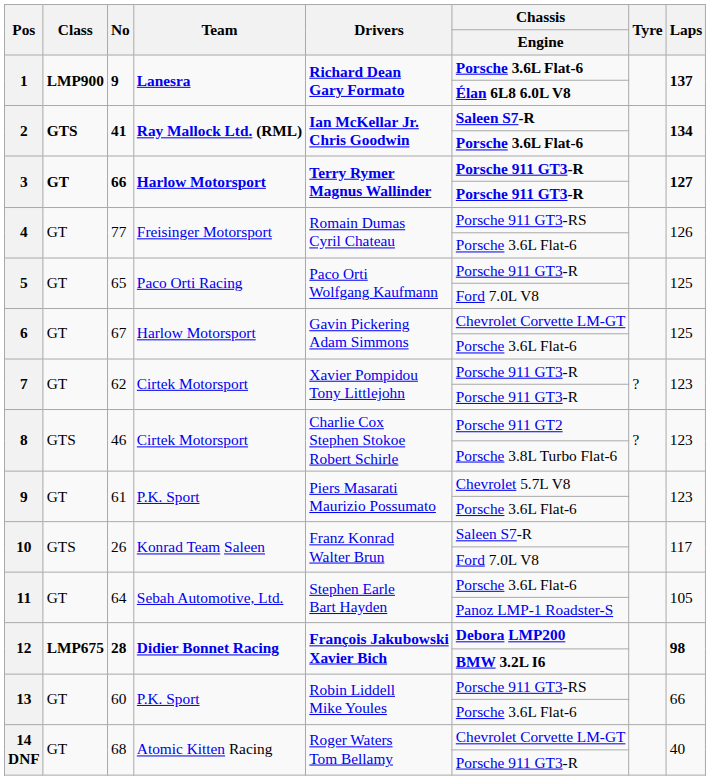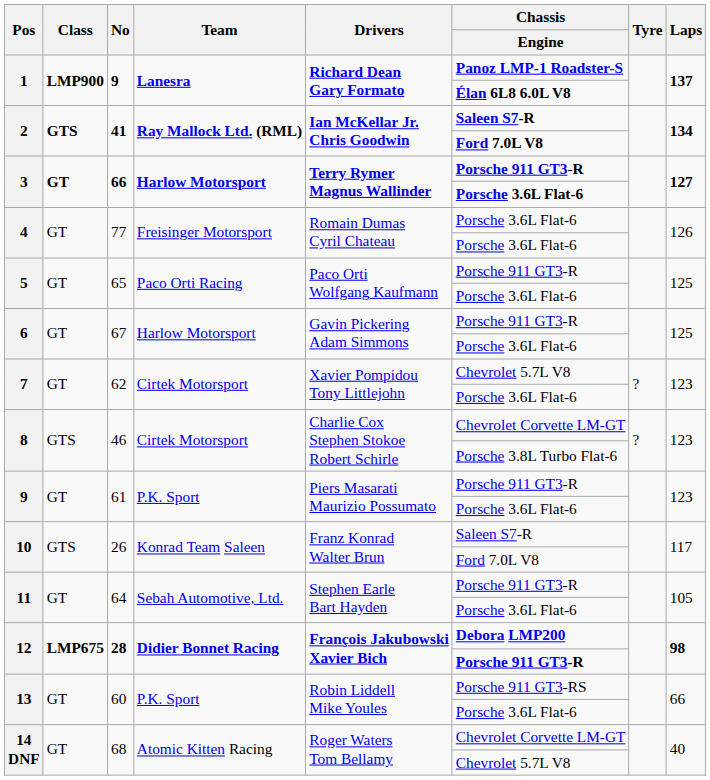 <table class="wikitable" style="font-size: 95%;">
 <tr>
 <th rowspan=2>Pos</th>
 <th rowspan=2>Class</th>
 <th rowspan=2>No</th>
 <th rowspan=2>Team</th>
 <th rowspan=2>Drivers</th>
 <th>Chassis</th>
 <th rowspan=2>Tyre</th>
 <th rowspan=2>Laps</th>
 </tr>
 <tr>
 <th>Engine</th>
 </tr>
 <tr style="font-weight:bold">
 <th rowspan=2>1</th>
 <td rowspan=2>LMP900</td>
 <td rowspan=2>9</td>
 <td rowspan=2> <a href='#'>Lanesra</a></td>
 <td rowspan=2> <a href='#'>Richard Dean</a><br> <a href='#'>Gary Formato</a></td>
-<td><a href='#'>Porsche</a> 3.6L Flat-6</td>
+<td><a href='#'>Panoz LMP-1 Roadster-S</a></td>
 <td rowspan=2></td>
 <td rowspan=2>137</td>
 </tr>
 <tr style="font-weight:bold">
 <td><a href='#'>Élan</a> 6L8 6.0L V8</td>
 </tr>
 <tr style="font-weight:bold">
 <th rowspan=2>2</th>
 <td rowspan=2>GTS</td>
 <td rowspan=2>41</td>
 <td rowspan=2> <a href='#'>Ray Mallock Ltd.</a> (RML)</td>
 <td rowspan=2> <a href='#'>Ian McKellar Jr.</a><br> <a href='#'>Chris Goodwin</a></td>
 <td><a href='#'>Saleen S7</a>-R</td>
 <td rowspan=2></td>
 <td rowspan=2>134</td>
 </tr>
 <tr style="font-weight:bold">
-<td><a href='#'>Porsche</a> 3.6L Flat-6</td>
+<td><a href='#'>Ford</a> 7.0L V8</td>
 </tr>
 <tr style="font-weight:bold">
 <th rowspan=2>3</th>
 <td rowspan=2>GT</td>
 <td rowspan=2>66</td>
 <td rowspan=2> <a href='#'>Harlow Motorsport</a></td>
 <td rowspan=2> <a href='#'>Terry Rymer</a><br> <a href='#'>Magnus Wallinder</a></td>
 <td><a href='#'>Porsche 911 GT3</a>-R</td>
 <td rowspan=2></td>
 <td rowspan=2>127</td>
 </tr>
 <tr style="font-weight:bold">
-<td><a href='#'>Porsche 911 GT3</a>-R</td>
+<td><a href='#'>Porsche</a> 3.6L Flat-6</td>
 </tr>
 <tr>
 <th rowspan=2>4</th>
 <td rowspan=2>GT</td>
 <td rowspan=2>77</td>
 <td rowspan=2> <a href='#'>Freisinger Motorsport</a></td>
 <td rowspan=2> <a href='#'>Romain Dumas</a><br> <a href='#'>Cyril Chateau</a></td>
-<td><a href='#'>Porsche 911 GT3</a>-RS</td>
+<td><a href='#'>Porsche</a> 3.6L Flat-6</td>
 <td rowspan=2></td>
 <td rowspan=2>126</td>
 </tr>
 <tr>
 <td><a href='#'>Porsche</a> 3.6L Flat-6</td>
 </tr>
 <tr>
 <th rowspan=2>5</th>
 <td rowspan=2>GT</td>
 <td rowspan=2>65</td>
 <td rowspan=2> <a href='#'>Paco Orti Racing</a></td>
 <td rowspan=2> <a href='#'>Paco Orti</a><br> <a href='#'>Wolfgang Kaufmann</a></td>
 <td><a href='#'>Porsche 911 GT3</a>-R</td>
 <td rowspan=2></td>
 <td rowspan=2>125</td>
 </tr>
 <tr>
-<td><a href='#'>Ford</a> 7.0L V8</td>
+<td><a href='#'>Porsche</a> 3.6L Flat-6</td>
 </tr>
 <tr>
 <th rowspan=2>6</th>
 <td rowspan=2>GT</td>
 <td rowspan=2>67</td>
 <td rowspan=2> <a href='#'>Harlow Motorsport</a></td>
 <td rowspan=2> <a href='#'>Gavin Pickering</a><br> <a href='#'>Adam Simmons</a></td>
-<td><a href='#'>Chevrolet Corvette LM-GT</a></td>
+<td><a href='#'>Porsche 911 GT3</a>-R</td>
 <td rowspan=2></td>
 <td rowspan=2>125</td>
 </tr>
 <tr>
 <td><a href='#'>Porsche</a> 3.6L Flat-6</td>
 </tr>
 <tr>
 <th rowspan=2>7</th>
 <td rowspan=2>GT</td>
 <td rowspan=2>62</td>
 <td rowspan=2> <a href='#'>Cirtek Motorsport</a></td>
 <td rowspan=2> <a href='#'>Xavier Pompidou</a><br> <a href='#'>Tony Littlejohn</a></td>
-<td><a href='#'>Porsche 911 GT3</a>-R</td>
+<td><a href='#'>Chevrolet</a> 5.7L V8</td>
 <td rowspan=2>?</td>
 <td rowspan=2>123</td>
 </tr>
 <tr>
-<td><a href='#'>Porsche 911 GT3</a>-R</td>
+<td><a href='#'>Porsche</a> 3.6L Flat-6</td>
 </tr>
 <tr>
 <th rowspan=2>8</th>
 <td rowspan=2>GTS</td>
 <td rowspan=2>46</td>
 <td rowspan=2> <a href='#'>Cirtek Motorsport</a></td>
 <td rowspan=2> <a href='#'>Charlie Cox</a><br> <a href='#'>Stephen Stokoe</a><br> <a href='#'>Robert Schirle</a></td>
-<td><a href='#'>Porsche 911 GT2</a></td>
+<td><a href='#'>Chevrolet Corvette LM-GT</a></td>
 <td rowspan=2>?</td>
 <td rowspan=2>123</td>
 </tr>
 <tr>
 <td><a href='#'>Porsche</a> 3.8L Turbo Flat-6</td>
 </tr>
 <tr>
 <th rowspan=2>9</th>
 <td rowspan=2>GT</td>
 <td rowspan=2>61</td>
 <td rowspan=2> <a href='#'>P.K. Sport</a></td>
 <td rowspan=2> <a href='#'>Piers Masarati</a><br> <a href='#'>Maurizio Possumato</a></td>
-<td><a href='#'>Chevrolet</a> 5.7L V8</td>
+<td><a href='#'>Porsche 911 GT3</a>-R</td>
 <td rowspan=2></td>
 <td rowspan=2>123</td>
 </tr>
 <tr>
 <td><a href='#'>Porsche</a> 3.6L Flat-6</td>
 </tr>
 <tr>
 <th rowspan=2>10</th>
 <td rowspan=2>GTS</td>
 <td rowspan=2>26</td>
 <td rowspan=2> <a href='#'>Konrad Team</a> <a href='#'>Saleen</a></td>
 <td rowspan=2> <a href='#'>Franz Konrad</a><br> <a href='#'>Walter Brun</a></td>
 <td><a href='#'>Saleen S7</a>-R</td>
 <td rowspan=2></td>
 <td rowspan=2>117</td>
 </tr>
 <tr>
 <td><a href='#'>Ford</a> 7.0L V8</td>
 </tr>
 <tr>
 <th rowspan=2>11</th>
 <td rowspan=2>GT</td>
 <td rowspan=2>64</td>
 <td rowspan=2> <a href='#'>Sebah Automotive, Ltd.</a></td>
 <td rowspan=2> <a href='#'>Stephen Earle</a><br> <a href='#'>Bart Hayden</a></td>
-<td><a href='#'>Porsche</a> 3.6L Flat-6</td>
+<td><a href='#'>Porsche 911 GT3</a>-R</td>
 <td rowspan=2></td>
 <td rowspan=2>105</td>
 </tr>
 <tr>
-<td><a href='#'>Panoz LMP-1 Roadster-S</a></td>
+<td><a href='#'>Porsche</a> 3.6L Flat-6</td>
 </tr>
 <tr style="font-weight:bold">
 <th rowspan=2>12</th>
 <td rowspan=2>LMP675</td>
 <td rowspan=2>28</td>
 <td rowspan=2> <a href='#'>Didier Bonnet Racing</a></td>
 <td rowspan=2> <a href='#'>François Jakubowski</a><br> <a href='#'>Xavier Bich</a></td>
 <td><a href='#'>Debora</a> <a href='#'>LMP200</a></td>
 <td rowspan=2></td>
 <td rowspan=2>98</td>
 </tr>
 <tr style="font-weight:bold">
-<td><a href='#'>BMW</a> 3.2L I6</td>
+<td><a href='#'>Porsche 911 GT3</a>-R</td>
 </tr>
 <tr>
 <th rowspan=2>13</th>
 <td rowspan=2>GT</td>
 <td rowspan=2>60</td>
 <td rowspan=2> <a href='#'>P.K. Sport</a></td>
 <td rowspan=2> <a href='#'>Robin Liddell</a><br> <a href='#'>Mike Youles</a></td>
 <td><a href='#'>Porsche 911 GT3</a>-RS</td>
 <td rowspan=2></td>
 <td rowspan=2>66</td>
 </tr>
 <tr>
 <td><a href='#'>Porsche</a> 3.6L Flat-6</td>
 </tr>
 <tr>
 <th rowspan=2>14<br>DNF</th>
 <td rowspan=2>GT</td>
 <td rowspan=2>68</td>
 <td rowspan=2> <a href='#'>Atomic Kitten</a> Racing</td>
 <td rowspan=2> <a href='#'>Roger Waters</a><br> <a href='#'>Tom Bellamy</a></td>
 <td><a href='#'>Chevrolet Corvette LM-GT</a></td>
 <td rowspan=2></td>
 <td rowspan=2>40</td>
 </tr>
 <tr>
-<td><a href='#'>Porsche 911 GT3</a>-R</td>
+<td><a href='#'>Chevrolet</a> 5.7L V8</td>
 </tr>
 </table>
